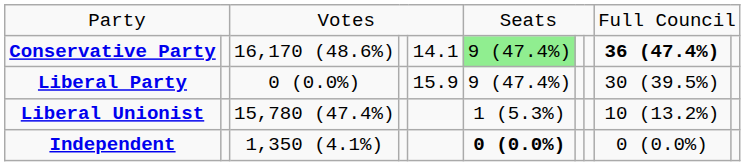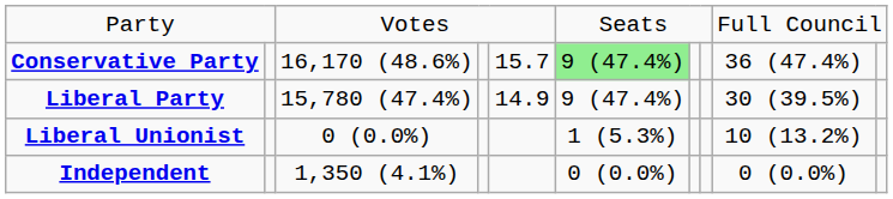 <table class=wikitable style="text-align:center;">
 <tr>
 <td colspan=2>Party</td>
 <td colspan=3>Votes</td>
 <td colspan=3>Seats</td>
 <td colspan=3>Full Council</td>
 </tr>
 <tr>
 <td><strong><a href='#'>Conservative Party</a></strong></td>
 <td style="background:"></td>
 <td>16,170 (48.6%)</td>
 <td></td>
-<td> 14.1</td>
+<td> 15.7</td>
 <td style="background: lightgreen;">9 (47.4%)</td>
 <td></td>
 <td></td>
-<td><strong>36 (47.4%)</strong></td>
+<td>36 (47.4%)</td>
 <td></td>
 </tr>
 <tr>
 <td><strong><a href='#'>Liberal Party</a></strong></td>
 <td style="background:"></td>
-<td>0 (0.0%)</td>
+<td>15,780 (47.4%)</td>
 <td></td>
-<td> 15.9</td>
+<td> 14.9</td>
 <td>9 (47.4%)</td>
 <td></td>
 <td></td>
 <td>30 (39.5%)</td>
 <td></td>
 </tr>
 <tr>
 <td><strong><a href='#'>Liberal Unionist</a></strong></td>
 <td style="background:"></td>
-<td>15,780 (47.4%)</td>
+<td>0 (0.0%)</td>
 <td></td>
 <td></td>
 <td>1 (5.3%)</td>
 <td></td>
 <td></td>
 <td>10 (13.2%)</td>
 <td></td>
 </tr>
 <tr>
 <td><strong><a href='#'>Independent</a></strong></td>
 <td style="background:"></td>
 <td>1,350 (4.1%)</td>
 <td></td>
 <td></td>
-<td><strong>0 (0.0%)</strong></td>
+<td>0 (0.0%)</td>
 <td></td>
 <td></td>
 <td>0 (0.0%)</td>
 <td></td>
 </tr>
 </table>
